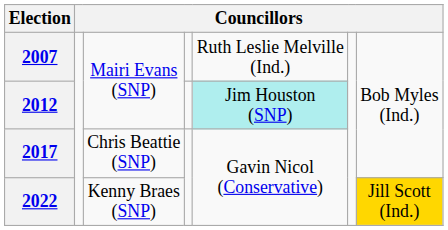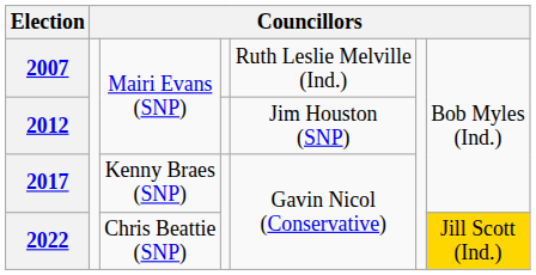 <table class="wikitable" style="text-align:center">
 <tr>
 <th>Election</th>
 <th colspan=8>Councillors</th>
 </tr>
 <tr>
 <th><a href='#'>2007</a></th>
 <td rowspan=4; style="background-color: "></td>
 <td rowspan=2><a href='#'>Mairi Evans</a><br>(<a href='#'>SNP</a>)</td>
 <td rowspan=1; style="background-color: "></td>
 <td rowspan=1>Ruth Leslie Melville<br>(Ind.)</td>
 <td rowspan=4; style="background-color: "></td>
 <td rowspan=3>Bob Myles<br>(Ind.)</td>
 </tr>
 <tr>
 <th><a href='#'>2012</a></th>
 <td rowspan=1; style="background-color: "></td>
-<td rowspan=1 style="background: paleturquoise;">Jim Houston<br>(<a href='#'>SNP</a>)</td>
+<td rowspan=1>Jim Houston<br>(<a href='#'>SNP</a>)</td>
 </tr>
 <tr>
 <th><a href='#'>2017</a></th>
-<td rowspan=1>Chris Beattie<br>(<a href='#'>SNP</a>)</td>
+<td rowspan=1>Kenny Braes<br>(<a href='#'>SNP</a>)</td>
 <td rowspan=2; style="background-color: "></td>
 <td rowspan=2>Gavin Nicol<br>(<a href='#'>Conservative</a>)</td>
 </tr>
 <tr>
 <th><a href='#'>2022</a></th>
-<td rowspan=1>Kenny Braes<br>(<a href='#'>SNP</a>)</td>
+<td rowspan=1>Chris Beattie<br>(<a href='#'>SNP</a>)</td>
 <td rowspan=1 style="background: gold;">Jill Scott<br>(Ind.)</td>
 </tr>
 </table>
